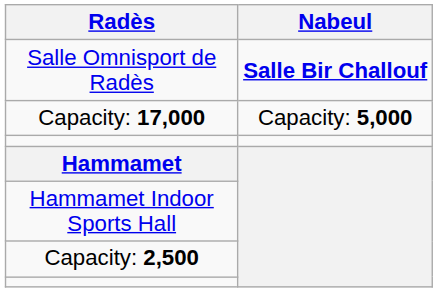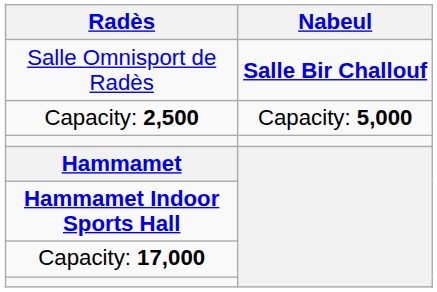 <table class="wikitable" style="margin:1em auto; text-align:center">
 <tr>
 <th><a href='#'>Radès</a></th>
 <th><a href='#'>Nabeul</a></th>
 </tr>
 <tr>
 <td><a href='#'>Salle Omnisport de Radès</a></td>
 <td><strong><a href='#'>Salle Bir Challouf</a></strong></td>
 </tr>
 <tr>
-<td>Capacity: <strong>17,000</strong></td>
+<td>Capacity: <strong>2,500</strong></td>
 <td>Capacity: <strong>5,000</strong></td>
 </tr>
 <tr>
 <td></td>
 <td></td>
 </tr>
 <tr>
 <th width=160><a href='#'>Hammamet</a></th>
 <th rowspan=8><br></th>
 </tr>
 <tr>
-<td><a href='#'>Hammamet Indoor Sports Hall</a></td>
+<td><strong><a href='#'>Hammamet Indoor Sports Hall</a></strong></td>
 </tr>
 <tr>
-<td>Capacity: <strong>2,500</strong></td>
+<td>Capacity: <strong>17,000</strong></td>
 </tr>
 <tr>
 <td></td>
 </tr>
 </table>
